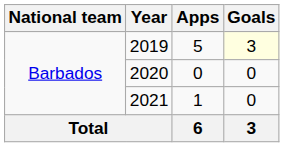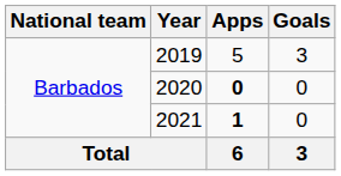 <table class=wikitable style="text-align: center;">
 <tr>
 <th>National team</th>
 <th>Year</th>
 <th>Apps</th>
 <th>Goals</th>
 </tr>
 <tr>
 <td rowspan="3"><a href='#'>Barbados</a></td>
 <td>2019</td>
 <td>5</td>
-<td style="background: lightyellow;">3</td>
+<td>3</td>
 </tr>
 <tr>
 <td>2020</td>
-<td>0</td>
+<td><strong>0</strong></td>
 <td>0</td>
 </tr>
 <tr>
 <td>2021</td>
-<td>1</td>
+<td><strong>1</strong></td>
 <td>0</td>
 </tr>
 <tr>
 <th colspan="2">Total</th>
 <th>6</th>
 <th>3</th>
 </tr>
 </table>
